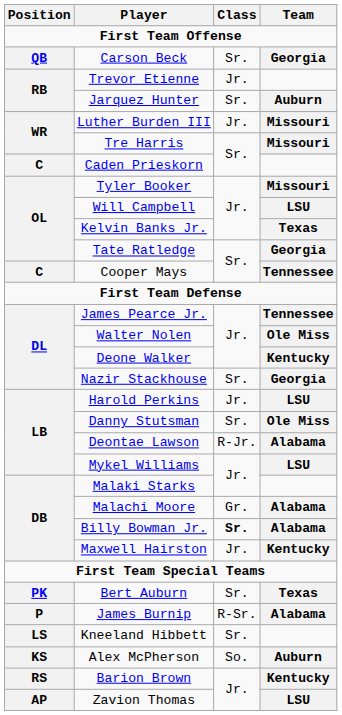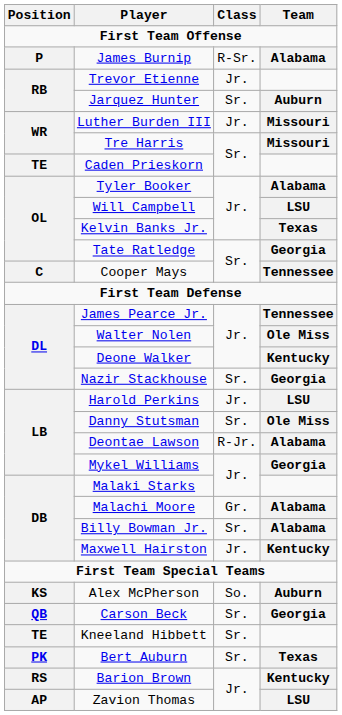 <table class="wikitable">
 <tr>
 <th>Position</th>
 <th>Player</th>
 <th>Class</th>
 <th>Team</th>
 </tr>
 <tr>
 <td colspan="4" style="text-align:center; "><strong>First Team Offense</strong></td>
 </tr>
 <tr style="text-align:center;">
-<th rowspan="1"><a href='#'>QB</a></th>
-<td><a href='#'>Carson Beck</a></td>
-<td>Sr.</td>
-<th>Georgia</th>
+<th>P</th>
+<td><a href='#'>James Burnip</a></td>
+<td>R-Sr.</td>
+<th>Alabama</th>
 </tr>
 <tr style="text-align:center;">
 <th rowspan="2">RB</th>
 <td><a href='#'>Trevor Etienne</a></td>
 <td>Jr.</td>
 </tr>
 <tr style="text-align:center;">
 <td><a href='#'>Jarquez Hunter</a></td>
 <td>Sr.</td>
 <th>Auburn</th>
 </tr>
 <tr style="text-align:center;">
 <th rowspan="2">WR</th>
 <td><a href='#'>Luther Burden III</a></td>
 <td>Jr.</td>
 <th>Missouri</th>
 </tr>
 <tr style="text-align:center;">
 <td><a href='#'>Tre Harris</a></td>
 <td rowspan=2>Sr.</td>
 <th>Missouri</th>
 </tr>
 <tr style="text-align:center;">
-<th>C</th>
+<th>TE</th>
 <td><a href='#'>Caden Prieskorn</a></td>
 </tr>
 <tr style="text-align:center;">
 <th rowspan=4>OL</th>
 <td><a href='#'>Tyler Booker</a></td>
 <td rowspan=3>Jr.</td>
-<th>Missouri</th>
+<th>Alabama</th>
 </tr>
 <tr style="text-align:center;">
 <td><a href='#'>Will Campbell</a></td>
 <th>LSU</th>
 </tr>
 <tr style="text-align:center;">
 <td><a href='#'>Kelvin Banks Jr.</a></td>
 <th>Texas</th>
 </tr>
 <tr style="text-align:center;">
 <td><a href='#'>Tate Ratledge</a></td>
 <td rowspan=2>Sr.</td>
 <th>Georgia</th>
 </tr>
 <tr style="text-align:center;">
 <th>C</th>
 <td>Cooper Mays</td>
 <th>Tennessee</th>
 </tr>
 <tr style="text-align:center;">
 <td colspan="4" style="text-align:center; "><strong>First Team Defense</strong></td>
 </tr>
 <tr style="text-align:center;">
 <th rowspan="4"><a href='#'>DL</a></th>
 <td><a href='#'>James Pearce Jr.</a></td>
 <td rowspan=3>Jr.</td>
 <th>Tennessee</th>
 </tr>
 <tr style="text-align:center;">
 <td><a href='#'>Walter Nolen</a></td>
 <th>Ole Miss</th>
 </tr>
 <tr style="text-align:center;">
 <td><a href='#'>Deone Walker</a></td>
 <th>Kentucky</th>
 </tr>
 <tr style="text-align:center;">
 <td><a href='#'>Nazir Stackhouse</a></td>
 <td>Sr.</td>
 <th>Georgia</th>
 </tr>
 <tr style="text-align:center;">
 <th rowspan="4">LB</th>
 <td><a href='#'>Harold Perkins</a></td>
 <td>Jr.</td>
 <th>LSU</th>
 </tr>
 <tr style="text-align:center;">
 <td><a href='#'>Danny Stutsman</a></td>
 <td>Sr.</td>
 <th>Ole Miss</th>
 </tr>
 <tr style="text-align:center;">
 <td><a href='#'>Deontae Lawson</a></td>
 <td>R-Jr.</td>
 <th>Alabama</th>
 </tr>
 <tr style="text-align:center;">
 <td><a href='#'>Mykel Williams</a></td>
 <td rowspan=2>Jr.</td>
-<th>LSU</th>
+<th>Georgia</th>
 </tr>
 <tr style="text-align:center;">
 <th rowspan="4">DB</th>
 <td><a href='#'>Malaki Starks</a></td>
 </tr>
 <tr style="text-align:center;">
 <td><a href='#'>Malachi Moore</a></td>
 <td>Gr.</td>
 <th>Alabama</th>
 </tr>
 <tr style="text-align:center;">
 <td><a href='#'>Billy Bowman Jr.</a></td>
-<td><strong>Sr.</strong></td>
+<td>Sr.</td>
 <th>Alabama</th>
 </tr>
 <tr style="text-align:center;">
 <td><a href='#'>Maxwell Hairston</a></td>
 <td>Jr.</td>
 <th>Kentucky</th>
 </tr>
 <tr>
 <td colspan="4" style="text-align:center; "><strong>First Team Special Teams</strong></td>
 </tr>
 <tr style="text-align:center;">
+<th>KS</th>
+<td>Alex McPherson</td>
+<td>So.</td>
+<th>Auburn</th>
+</tr>
+<tr style="text-align:center;">
+<th rowspan="1"><a href='#'>QB</a></th>
+<td><a href='#'>Carson Beck</a></td>
+<td>Sr.</td>
+<th>Georgia</th>
+</tr>
+<tr style="text-align:center;">
+<th>TE</th>
+<td>Kneeland Hibbett</td>
+<td>Sr.</td>
+</tr>
+<tr style="text-align:center;">
 <th rowspan="1"><a href='#'>PK</a></th>
 <td><a href='#'>Bert Auburn</a></td>
 <td>Sr.</td>
 <th>Texas</th>
-</tr>
-<tr style="text-align:center;">
-<th>P</th>
-<td><a href='#'>James Burnip</a></td>
-<td>R-Sr.</td>
-<th>Alabama</th>
-</tr>
-<tr style="text-align:center;">
-<th>LS</th>
-<td>Kneeland Hibbett</td>
-<td>Sr.</td>
-</tr>
-<tr style="text-align:center;">
-<th>KS</th>
-<td>Alex McPherson</td>
-<td>So.</td>
-<th>Auburn</th>
 </tr>
 <tr style="text-align:center;">
 <th>RS</th>
 <td><a href='#'>Barion Brown</a></td>
 <td rowspan=2>Jr.</td>
 <th>Kentucky</th>
 </tr>
 <tr style="text-align:center;">
 <th>AP</th>
 <td>Zavion Thomas</td>
 <th>LSU</th>
 </tr>
 </table>
